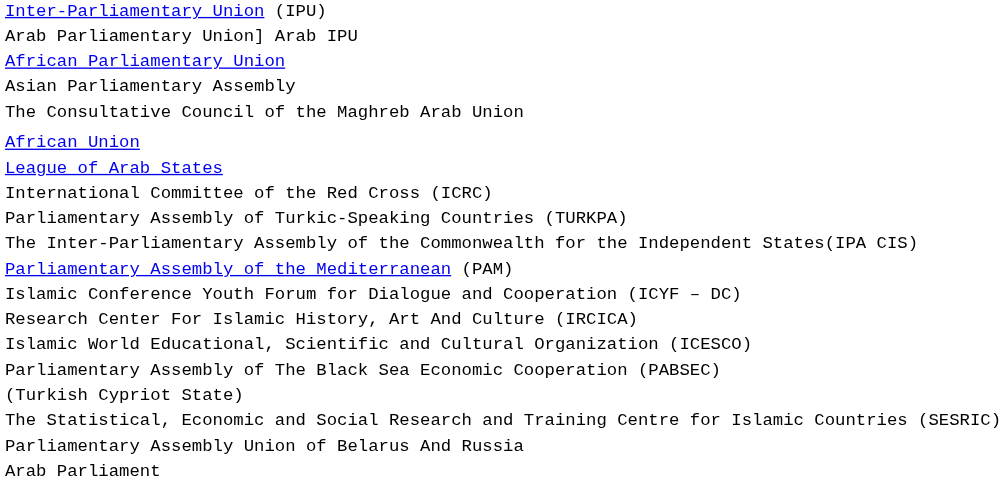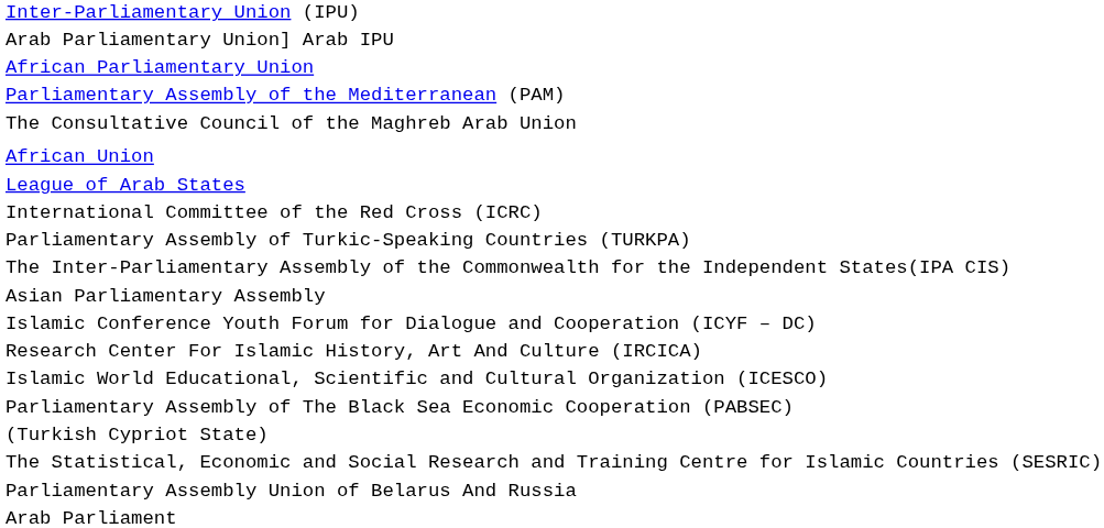 <table>
 <tr>
 <td><a href='#'>Inter-Parliamentary Union</a> (IPU)</td>
 </tr>
 <tr>
 <td [Arab Inter-parliamentary Union>Arab Parliamentary Union] Arab IPU</td>
 </tr>
 <tr>
 <td><a href='#'>African Parliamentary Union</a></td>
 </tr>
 <tr>
-<td>Asian Parliamentary Assembly</td>
+<td><a href='#'>Parliamentary Assembly of the Mediterranean</a> (PAM)</td>
 </tr>
 <tr>
 <td>The Consultative Council of the Maghreb Arab Union</td>
 </tr>
 <tr>
 <td></td>
 </tr>
 <tr>
 <td><a href='#'>African Union</a></td>
 </tr>
 <tr>
 <td><a href='#'>League of Arab States</a></td>
 </tr>
 <tr>
 <td>International Committee of the Red Cross (ICRC)</td>
 </tr>
 <tr>
 <td>Parliamentary Assembly of Turkic-Speaking Countries (TURKPA)</td>
 </tr>
 <tr>
 <td>The Inter-Parliamentary Assembly of the Commonwealth for the Independent States(IPA CIS)</td>
 </tr>
 <tr>
-<td><a href='#'>Parliamentary Assembly of the Mediterranean</a> (PAM)</td>
+<td>Asian Parliamentary Assembly</td>
 </tr>
 <tr>
 <td>Islamic Conference Youth Forum for Dialogue and Cooperation (ICYF – DC)</td>
 </tr>
 <tr>
 <td>Research Center For Islamic History, Art And Culture (IRCICA)</td>
 </tr>
 <tr>
 <td>Islamic World Educational, Scientific and Cultural Organization (ICESCO)</td>
 </tr>
 <tr>
 <td>Parliamentary Assembly of The Black Sea Economic Cooperation (PABSEC)</td>
 </tr>
 <tr>
 <td> (Turkish Cypriot State)</td>
 </tr>
 <tr>
 <td>The Statistical, Economic and Social Research and Training Centre for Islamic Countries (SESRIC)</td>
 </tr>
 <tr>
 <td>Parliamentary Assembly Union of Belarus And Russia</td>
 </tr>
 <tr>
 <td>Arab Parliament</td>
 </tr>
 </table>
